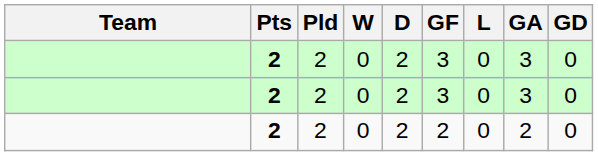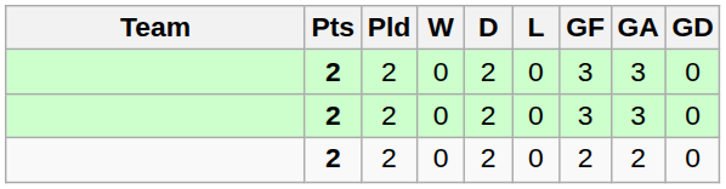 <table class=wikitable style="text-align:center">
 <tr>
 <th width=165>Team</th>
 <th width=20>Pts</th>
 <th width=20>Pld</th>
 <th width=20>W</th>
 <th width=20>D</th>
+<th width=20>L</th>
 <th width=20>GF</th>
-<th width=20>L</th>
 <th width=20>GA</th>
 <th width=20>GD</th>
 </tr>
 <tr align=center style="background:#ccffcc;">
 <td style="text-align:left;"></td>
 <td><strong>2</strong></td>
 <td>2</td>
 <td>0</td>
 <td>2</td>
+<td>0</td>
 <td>3</td>
-<td>0</td>
 <td>3</td>
 <td>0</td>
 </tr>
 <tr align=center style="background:#ccffcc;">
 <td style="text-align:left;"></td>
 <td><strong>2</strong></td>
 <td>2</td>
 <td>0</td>
 <td>2</td>
+<td>0</td>
 <td>3</td>
-<td>0</td>
 <td>3</td>
 <td>0</td>
 </tr>
 <tr align=center>
 <td style="text-align:left;"></td>
 <td><strong>2</strong></td>
 <td>2</td>
 <td>0</td>
 <td>2</td>
+<td>0</td>
 <td>2</td>
-<td>0</td>
 <td>2</td>
 <td>0</td>
 </tr>
 </table>
